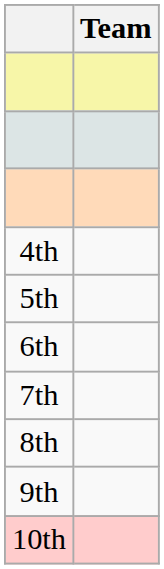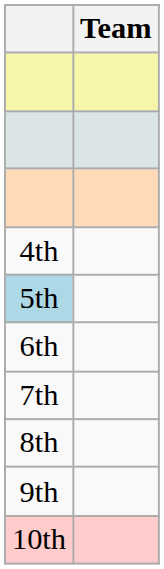 <table class="wikitable" style="text-align:center">
 <tr>
 <th width=15></th>
 <th>Team</th>
 </tr>
 <tr style="background:#f7f6a8;">
 <td style="text-align:center; height:23px;"></td>
 <td align=left></td>
 </tr>
 <tr style="background:#dce5e5;">
 <td style="text-align:center; height:23px;"></td>
 <td align=left></td>
 </tr>
 <tr style="background:#ffdab9;">
 <td style="text-align:center; height:23px;"></td>
 <td align=left></td>
 </tr>
 <tr>
 <td>4th</td>
 <td align=left></td>
 </tr>
 <tr>
-<td>5th</td>
+<td style="background: lightblue;">5th</td>
 <td align=left></td>
 </tr>
 <tr>
 <td>6th</td>
 <td align=left></td>
 </tr>
 <tr>
 <td>7th</td>
 <td align=left></td>
 </tr>
 <tr>
 <td>8th</td>
 <td align=left></td>
 </tr>
 <tr>
 <td>9th</td>
 <td align=left></td>
 </tr>
 <tr style="text-align:center; background:#ffcccc;">
 <td>10th</td>
 <td align=left></td>
 </tr>
 </table>
